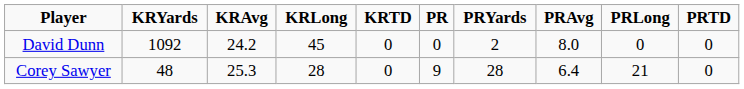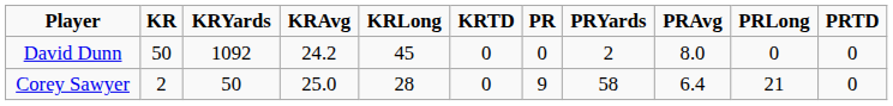 <table class="wikitable" width="80%">
 <tr align="center">
 <td><strong>Player</strong></td>
+<td><strong>KR</strong></td>
 <td><strong>KRYards</strong></td>
 <td><strong>KRAvg</strong></td>
 <td><strong>KRLong</strong></td>
 <td><strong>KRTD</strong></td>
 <td><strong>PR</strong></td>
 <td><strong>PRYards</strong></td>
 <td><strong>PRAvg</strong></td>
 <td><strong>PRLong</strong></td>
 <td><strong>PRTD</strong></td>
 </tr>
 <tr align="center" bgcolor="">
 <td><a href='#'>David Dunn</a></td>
+<td>50</td>
 <td>1092</td>
 <td>24.2</td>
 <td>45</td>
 <td>0</td>
 <td>0</td>
 <td>2</td>
 <td>8.0</td>
 <td>0</td>
 <td>0</td>
 </tr>
 <tr align="center" bgcolor="">
 <td><a href='#'>Corey Sawyer</a></td>
-<td>48</td>
-<td>25.3</td>
+<td>2</td>
+<td>50</td>
+<td>25.0</td>
 <td>28</td>
 <td>0</td>
 <td>9</td>
-<td>28</td>
+<td>58</td>
 <td>6.4</td>
 <td>21</td>
 <td>0</td>
 </tr>
 </table>
